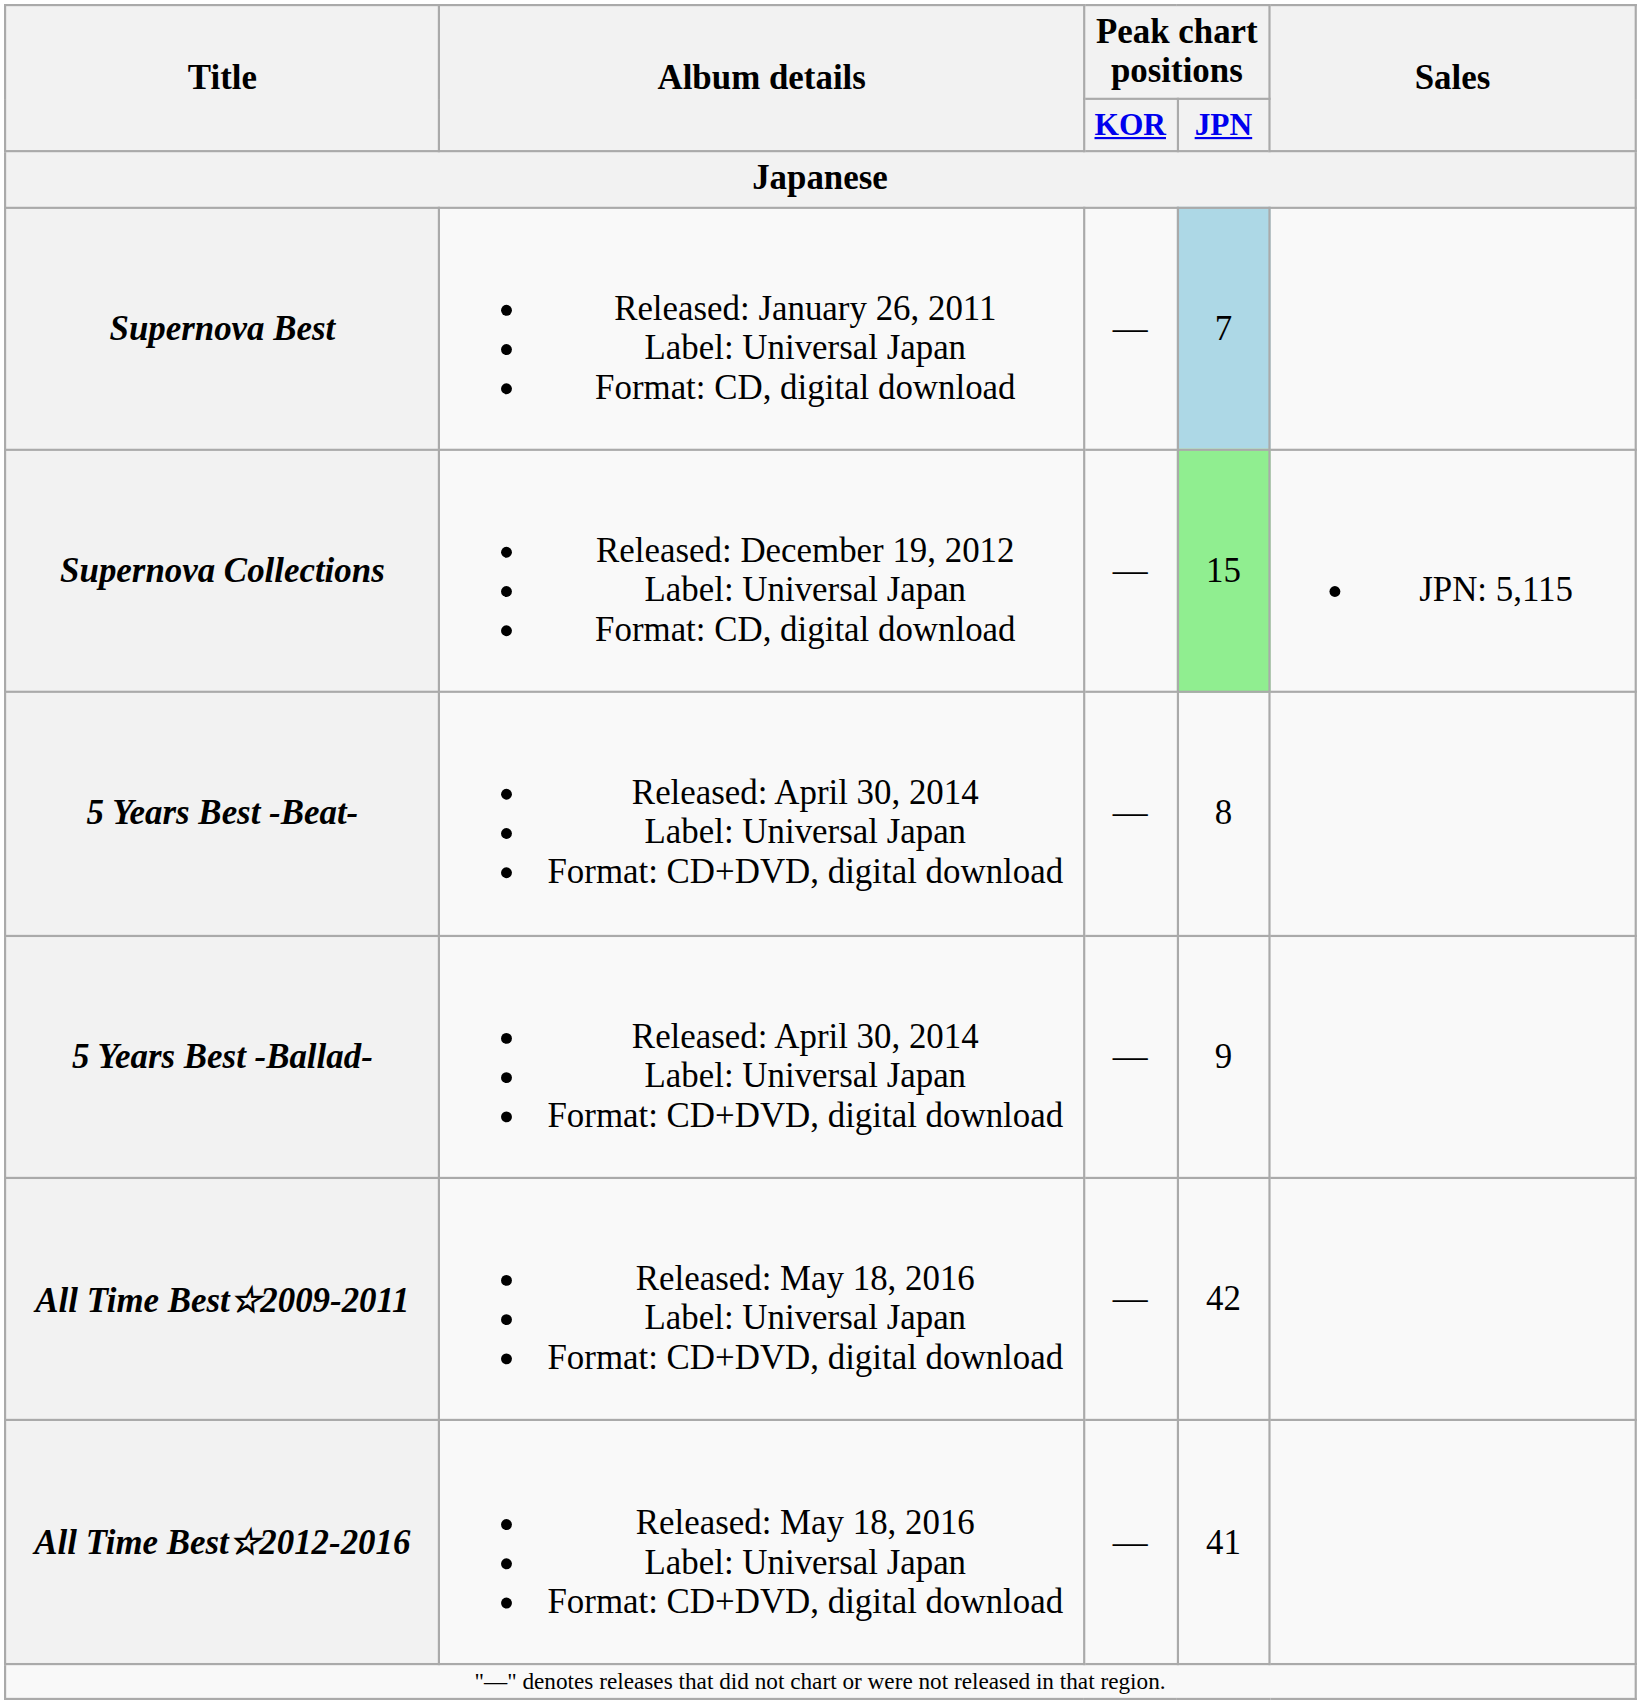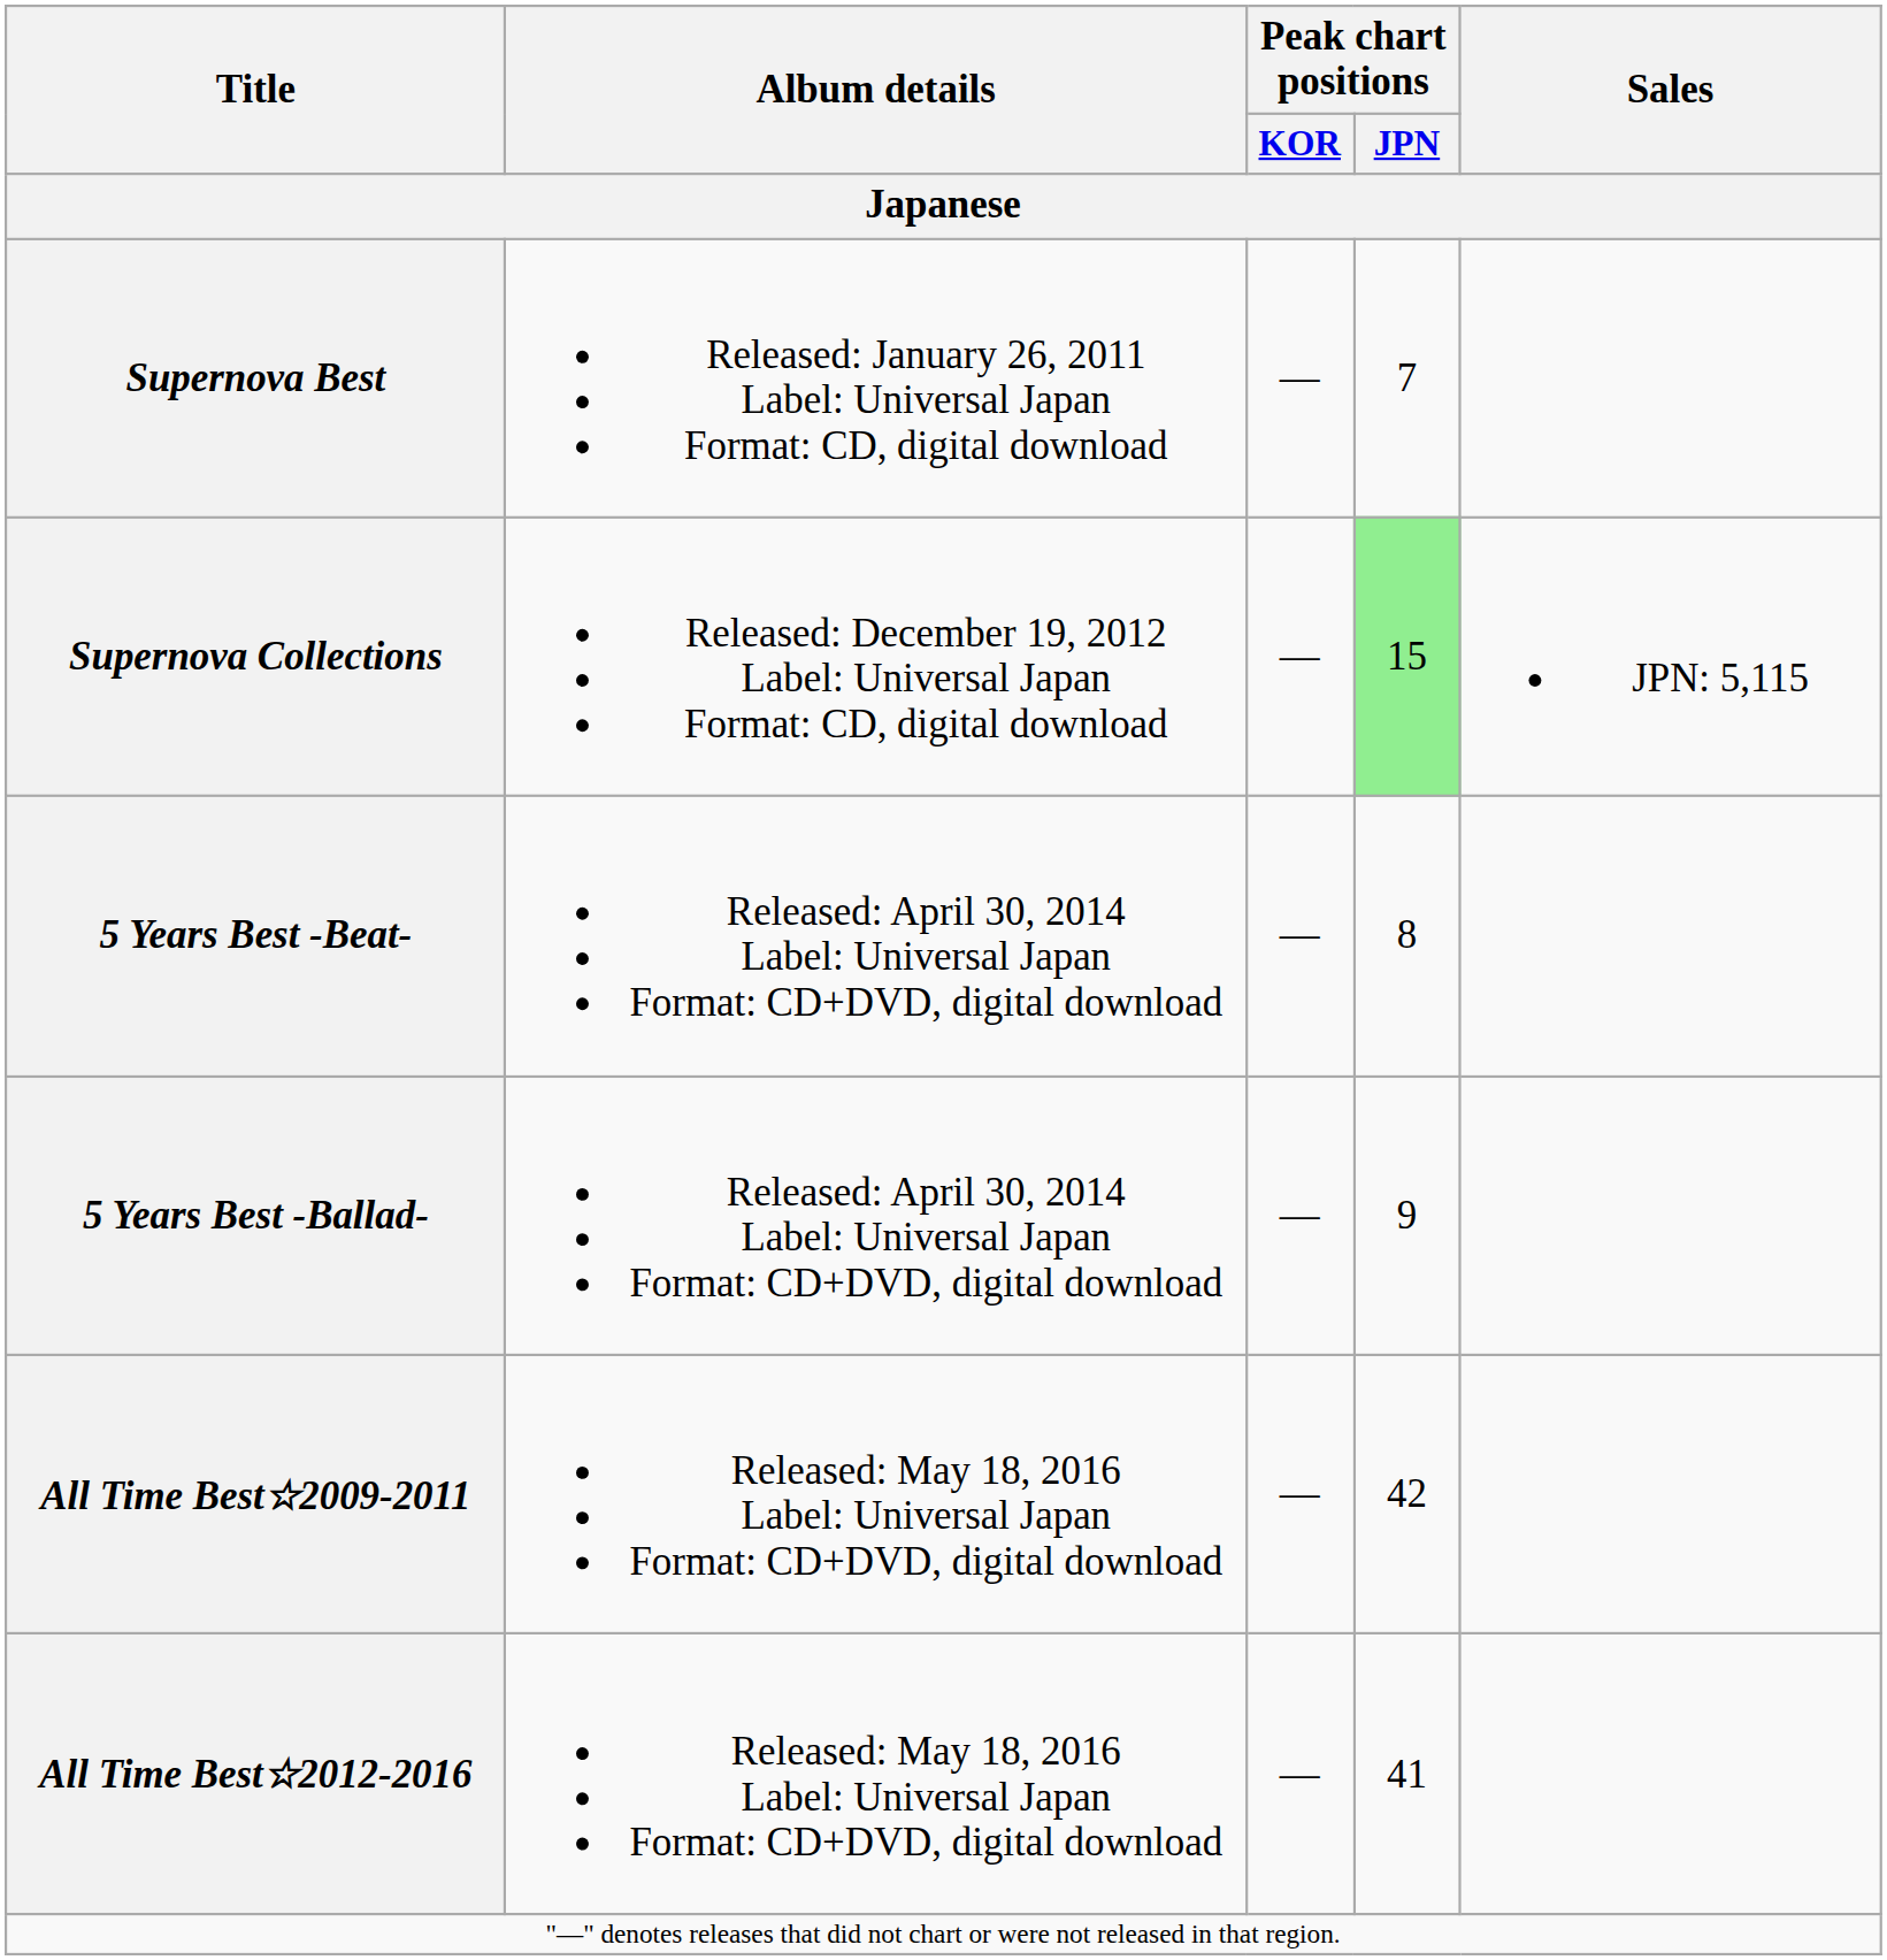 <table class="wikitable plainrowheaders" style="text-align:center;">
 <tr>
 <th scope="col" rowspan="2" style="width:12em;">Title</th>
 <th scope="col" rowspan="2" style="width:18em;">Album details</th>
 <th scope="col" colspan="2">Peak chart positions</th>
 <th scope="col" rowspan="2" style="width:10em;">Sales</th>
 </tr>
 <tr>
 <th scope="col" style="width:2.5em;font-size:90%;"><a href='#'>KOR</a><br></th>
 <th scope="col" style="width:2.5em;font-size:90%;"><a href='#'>JPN</a><br></th>
 </tr>
 <tr>
 <th colspan="6">Japanese</th>
 </tr>
 <tr>
 <th scope="row"><em>Supernova Best</em></th>
 <td><br><ul><li>Released: January 26, 2011</li><li>Label: Universal Japan</li><li>Format: CD, digital download</li></ul></td>
 <td>—</td>
-<td style="background: lightblue;">7</td>
+<td>7</td>
 <td></td>
 </tr>
 <tr>
 <th scope="row"><em>Supernova Collections</em></th>
 <td><br><ul><li>Released: December 19, 2012</li><li>Label: Universal Japan</li><li>Format: CD, digital download</li></ul></td>
 <td>—</td>
 <td style="background: lightgreen;">15</td>
 <td><br><ul><li>JPN: 5,115</li></ul></td>
 </tr>
 <tr>
 <th scope="row"><em>5 Years Best -Beat-</em></th>
 <td><br><ul><li>Released: April 30, 2014</li><li>Label: Universal Japan</li><li>Format: CD+DVD, digital download</li></ul></td>
 <td>—</td>
 <td>8</td>
 <td></td>
 </tr>
 <tr>
 <th scope="row"><em>5 Years Best -Ballad-</em></th>
 <td><br><ul><li>Released: April 30, 2014</li><li>Label: Universal Japan</li><li>Format: CD+DVD, digital download</li></ul></td>
 <td>—</td>
 <td>9</td>
 <td></td>
 </tr>
 <tr>
 <th scope="row"><em>All Time Best☆2009-2011</em></th>
 <td><br><ul><li>Released: May 18, 2016</li><li>Label: Universal Japan</li><li>Format: CD+DVD, digital download</li></ul></td>
 <td>—</td>
 <td>42</td>
 <td></td>
 </tr>
 <tr>
 <th scope="row"><em>All Time Best☆2012-2016</em></th>
 <td><br><ul><li>Released: May 18, 2016</li><li>Label: Universal Japan</li><li>Format: CD+DVD, digital download</li></ul></td>
 <td>—</td>
 <td>41</td>
 <td></td>
 </tr>
 <tr>
 <td colspan="6" style="font-size:8pt;">"—" denotes releases that did not chart or were not released in that region.</td>
 </tr>
 </table>
